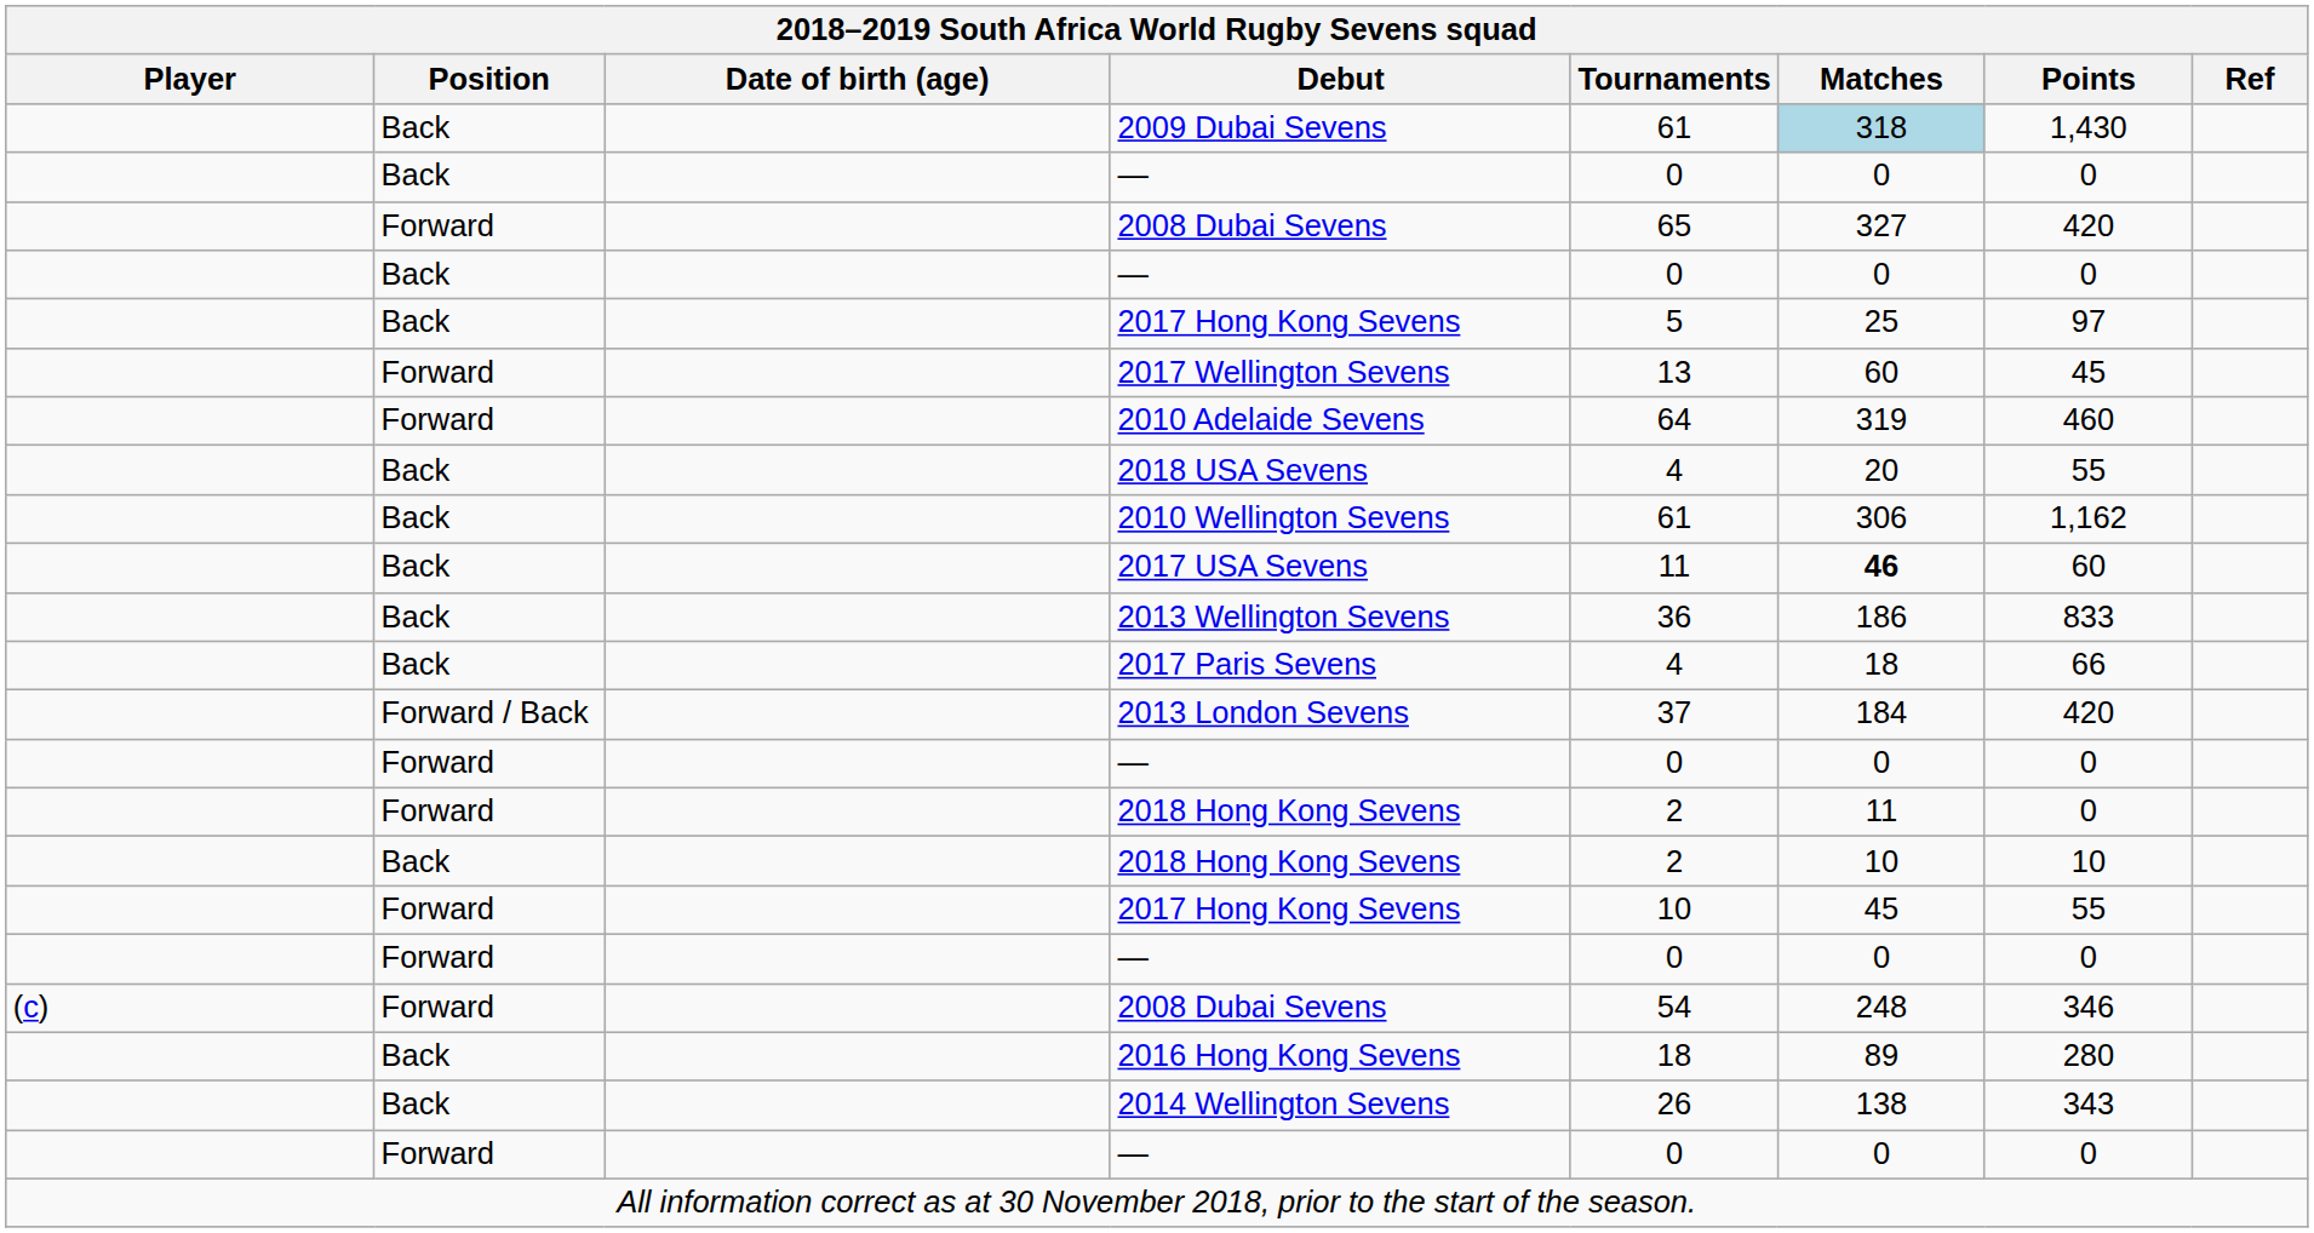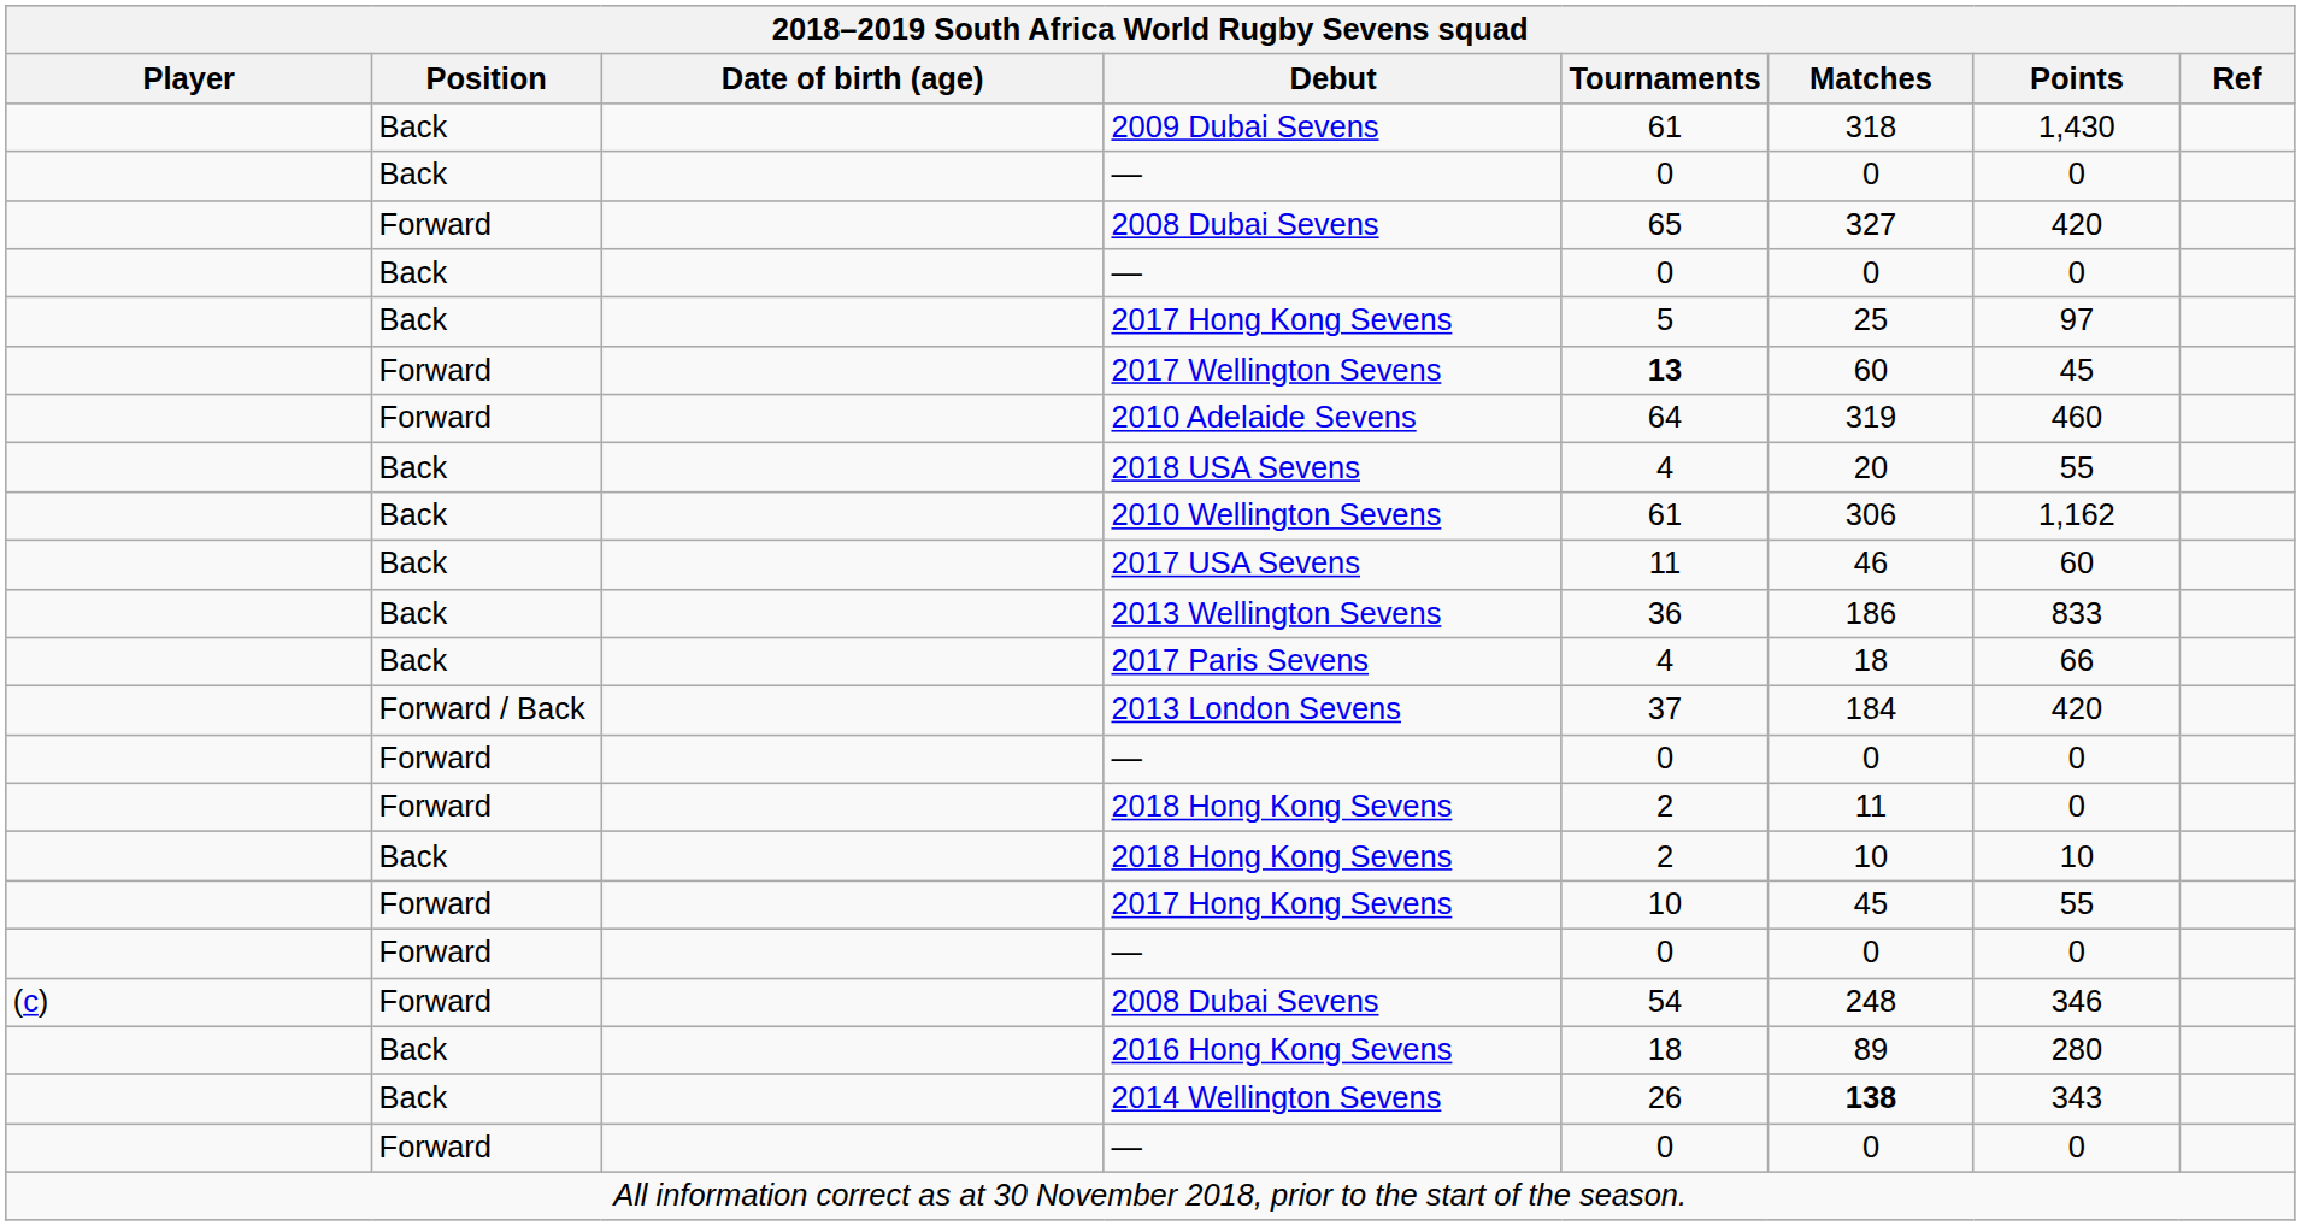 <table class="wikitable sortable" style="text-align:left">
 <tr>
 <th colspan=100%>2018–2019 South Africa World Rugby Sevens squad</th>
 </tr>
 <tr>
 <th style="width:16%;">Player</th>
 <th style="width:10%;">Position</th>
 <th style="width:22%;">Date of birth (age)</th>
 <th style="width:20%;">Debut</th>
 <th style="width:9%;">Tournaments</th>
 <th style="width:9%;">Matches</th>
 <th style="width:9%;">Points</th>
 <th style="width:5%;">Ref</th>
 </tr>
 <tr>
 <td></td>
 <td>Back</td>
 <td></td>
 <td><a href='#'>2009 Dubai Sevens</a></td>
 <td style="text-align:center;">61</td>
-<td style="background: lightblue; text-align:center;">318</td>
+<td style="text-align:center;">318</td>
 <td style="text-align:center;">1,430</td>
 <td style="text-align:center;"></td>
 </tr>
 <tr>
 <td></td>
 <td>Back</td>
 <td></td>
 <td>—</td>
 <td style="text-align:center;">0</td>
 <td style="text-align:center;">0</td>
 <td style="text-align:center;">0</td>
 <td style="text-align:center;"></td>
 </tr>
 <tr>
 <td></td>
 <td>Forward</td>
 <td></td>
 <td><a href='#'>2008 Dubai Sevens</a></td>
 <td style="text-align:center;">65</td>
 <td style="text-align:center;">327</td>
 <td style="text-align:center;">420</td>
 <td style="text-align:center;"></td>
 </tr>
 <tr>
 <td></td>
 <td>Back</td>
 <td></td>
 <td>—</td>
 <td style="text-align:center;">0</td>
 <td style="text-align:center;">0</td>
 <td style="text-align:center;">0</td>
 <td style="text-align:center;"></td>
 </tr>
 <tr>
 <td></td>
 <td>Back</td>
 <td></td>
 <td><a href='#'>2017 Hong Kong Sevens</a></td>
 <td style="text-align:center;">5</td>
 <td style="text-align:center;">25</td>
 <td style="text-align:center;">97</td>
 <td style="text-align:center;"></td>
 </tr>
 <tr>
 <td></td>
 <td>Forward</td>
 <td></td>
 <td><a href='#'>2017 Wellington Sevens</a></td>
-<td style="text-align:center;">13</td>
+<td style="text-align:center;"><strong>13</strong></td>
 <td style="text-align:center;">60</td>
 <td style="text-align:center;">45</td>
 <td style="text-align:center;"></td>
 </tr>
 <tr>
 <td></td>
 <td>Forward</td>
 <td></td>
 <td><a href='#'>2010 Adelaide Sevens</a></td>
 <td style="text-align:center;">64</td>
 <td style="text-align:center;">319</td>
 <td style="text-align:center;">460</td>
 <td style="text-align:center;"></td>
 </tr>
 <tr>
 <td></td>
 <td>Back</td>
 <td></td>
 <td><a href='#'>2018 USA Sevens</a></td>
 <td style="text-align:center;">4</td>
 <td style="text-align:center;">20</td>
 <td style="text-align:center;">55</td>
 <td style="text-align:center;"></td>
 </tr>
 <tr>
 <td></td>
 <td>Back</td>
 <td></td>
 <td><a href='#'>2010 Wellington Sevens</a></td>
 <td style="text-align:center;">61</td>
 <td style="text-align:center;">306</td>
 <td style="text-align:center;">1,162</td>
 <td style="text-align:center;"></td>
 </tr>
 <tr>
 <td></td>
 <td>Back</td>
 <td></td>
 <td><a href='#'>2017 USA Sevens</a></td>
 <td style="text-align:center;">11</td>
-<td style="text-align:center;"><strong>46</strong></td>
+<td style="text-align:center;">46</td>
 <td style="text-align:center;">60</td>
 <td style="text-align:center;"></td>
 </tr>
 <tr>
 <td></td>
 <td>Back</td>
 <td></td>
 <td><a href='#'>2013 Wellington Sevens</a></td>
 <td style="text-align:center;">36</td>
 <td style="text-align:center;">186</td>
 <td style="text-align:center;">833</td>
 <td style="text-align:center;"></td>
 </tr>
 <tr>
 <td></td>
 <td>Back</td>
 <td></td>
 <td><a href='#'>2017 Paris Sevens</a></td>
 <td style="text-align:center;">4</td>
 <td style="text-align:center;">18</td>
 <td style="text-align:center;">66</td>
 <td style="text-align:center;"></td>
 </tr>
 <tr>
 <td></td>
 <td>Forward / Back</td>
 <td></td>
 <td><a href='#'>2013 London Sevens</a></td>
 <td style="text-align:center;">37</td>
 <td style="text-align:center;">184</td>
 <td style="text-align:center;">420</td>
 <td style="text-align:center;"></td>
 </tr>
 <tr>
 <td></td>
 <td>Forward</td>
 <td></td>
 <td>—</td>
 <td style="text-align:center;">0</td>
 <td style="text-align:center;">0</td>
 <td style="text-align:center;">0</td>
 <td style="text-align:center;"></td>
 </tr>
 <tr>
 <td></td>
 <td>Forward</td>
 <td></td>
 <td><a href='#'>2018 Hong Kong Sevens</a></td>
 <td style="text-align:center;">2</td>
 <td style="text-align:center;">11</td>
 <td style="text-align:center;">0</td>
 <td style="text-align:center;"></td>
 </tr>
 <tr>
 <td></td>
 <td>Back</td>
 <td></td>
 <td><a href='#'>2018 Hong Kong Sevens</a></td>
 <td style="text-align:center;">2</td>
 <td style="text-align:center;">10</td>
 <td style="text-align:center;">10</td>
 <td style="text-align:center;"></td>
 </tr>
 <tr>
 <td></td>
 <td>Forward</td>
 <td></td>
 <td><a href='#'>2017 Hong Kong Sevens</a></td>
 <td style="text-align:center;">10</td>
 <td style="text-align:center;">45</td>
 <td style="text-align:center;">55</td>
 <td style="text-align:center;"></td>
 </tr>
 <tr>
 <td></td>
 <td>Forward</td>
 <td></td>
 <td>—</td>
 <td style="text-align:center;">0</td>
 <td style="text-align:center;">0</td>
 <td style="text-align:center;">0</td>
 <td style="text-align:center;"></td>
 </tr>
 <tr>
 <td> (<a href='#'>c</a>)</td>
 <td>Forward</td>
 <td></td>
 <td><a href='#'>2008 Dubai Sevens</a></td>
 <td style="text-align:center;">54</td>
 <td style="text-align:center;">248</td>
 <td style="text-align:center;">346</td>
 <td style="text-align:center;"></td>
 </tr>
 <tr>
 <td></td>
 <td>Back</td>
 <td></td>
 <td><a href='#'>2016 Hong Kong Sevens</a></td>
 <td style="text-align:center;">18</td>
 <td style="text-align:center;">89</td>
 <td style="text-align:center;">280</td>
 <td style="text-align:center;"></td>
 </tr>
 <tr>
 <td></td>
 <td>Back</td>
 <td></td>
 <td><a href='#'>2014 Wellington Sevens</a></td>
 <td style="text-align:center;">26</td>
-<td style="text-align:center;">138</td>
+<td style="text-align:center;"><strong>138</strong></td>
 <td style="text-align:center;">343</td>
 <td style="text-align:center;"></td>
 </tr>
 <tr>
 <td></td>
 <td>Forward</td>
 <td></td>
 <td>—</td>
 <td style="text-align:center;">0</td>
 <td style="text-align:center;">0</td>
 <td style="text-align:center;">0</td>
 <td style="text-align:center;"></td>
 </tr>
 <tr class="sortbottom">
 <td colspan=100% style="text-align:center;"><em>All information correct as at 30 November 2018, prior to the start of the season.</em></td>
 </tr>
 </table>
